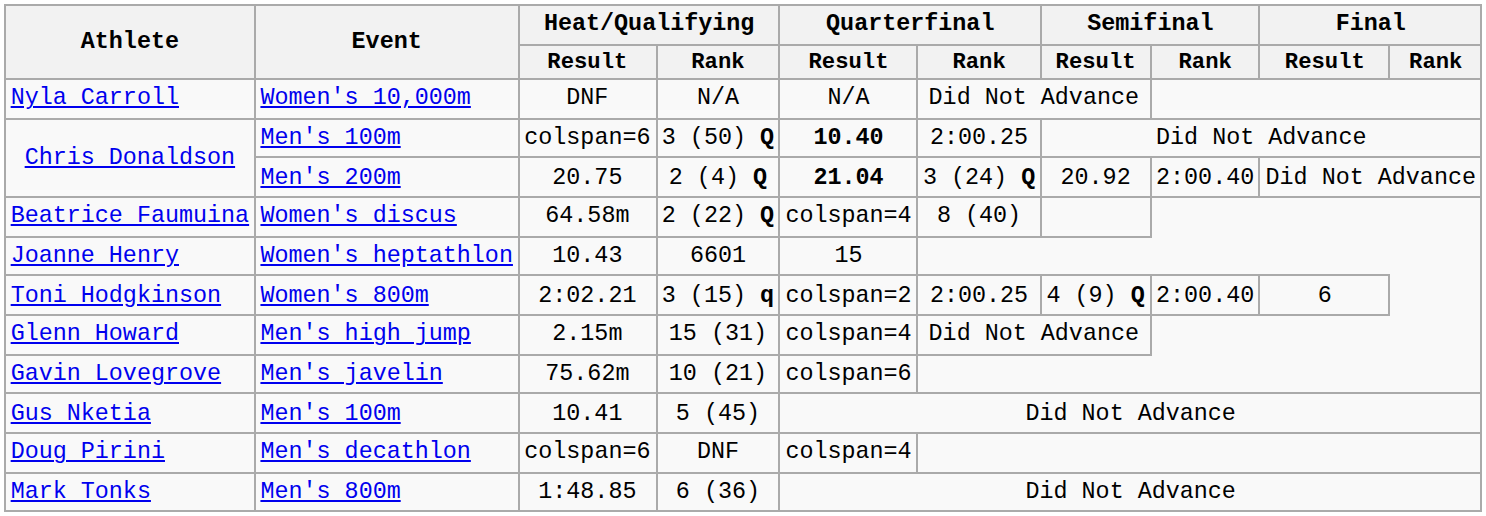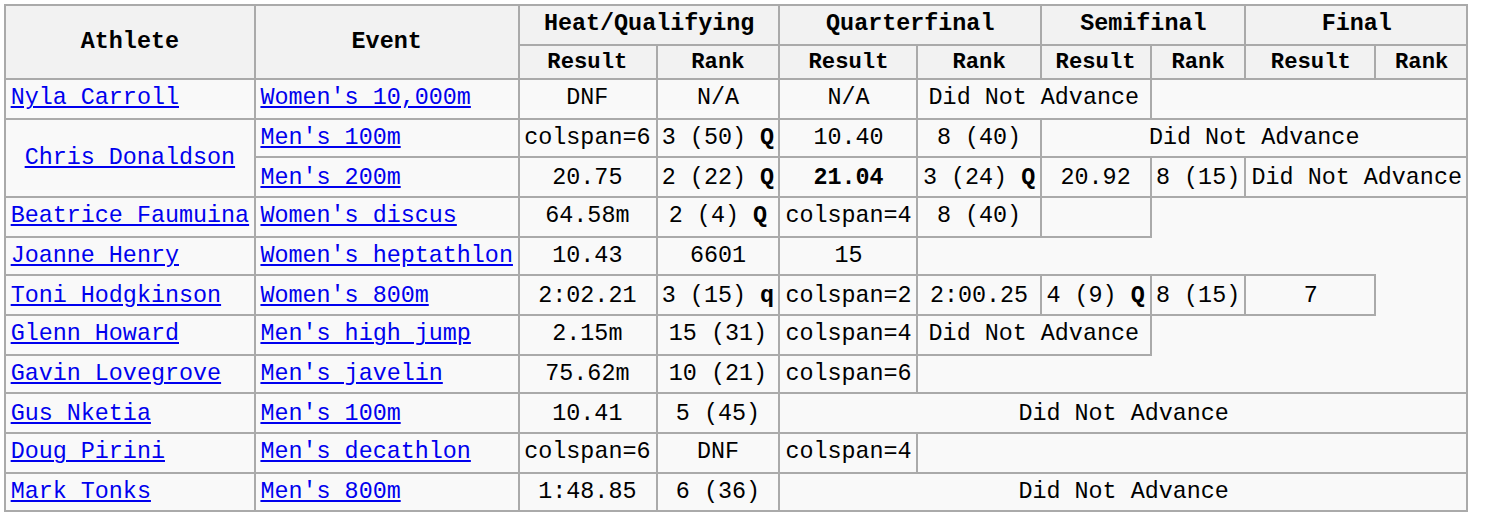 <table class=wikitable style=font-size:90%;text-align:center>
 <tr>
 <th rowspan=2>Athlete</th>
 <th rowspan=2>Event</th>
 <th colspan=2>Heat/Qualifying</th>
 <th colspan=2>Quarterfinal</th>
 <th colspan=2>Semifinal</th>
 <th colspan=2>Final</th>
 </tr>
 <tr style=font-size:95%>
 <th>Result</th>
 <th>Rank</th>
 <th>Result</th>
 <th>Rank</th>
 <th>Result</th>
 <th>Rank</th>
 <th>Result</th>
 <th>Rank</th>
 </tr>
 <tr>
 <td align=left><a href='#'>Nyla Carroll</a></td>
 <td align=left><a href='#'>Women's 10,000m</a></td>
 <td>DNF</td>
 <td>N/A</td>
 <td>N/A</td>
 <td colspan=2>Did Not Advance</td>
 </tr>
 <tr>
 <td rowspan=2><a href='#'>Chris Donaldson</a></td>
 <td align=left><a href='#'>Men's 100m</a></td>
 <td>colspan=6 </td>
 <td>3 (50) <strong>Q</strong></td>
-<td><strong>10.40</strong></td>
-<td>2:00.25</td>
+<td>10.40</td>
+<td>8 (40)</td>
 <td colspan=4>Did Not Advance</td>
 </tr>
 <tr>
 <td align=left><a href='#'>Men's 200m</a></td>
 <td>20.75</td>
-<td>2 (4) <strong>Q</strong></td>
+<td>2 (22) <strong>Q</strong></td>
 <td><strong>21.04</strong></td>
 <td>3 (24) <strong>Q</strong></td>
 <td>20.92</td>
-<td>2:00.40</td>
+<td>8 (15)</td>
 <td colspan=2>Did Not Advance</td>
 </tr>
 <tr>
 <td align=left><a href='#'>Beatrice Faumuina</a></td>
 <td align=left><a href='#'>Women's discus</a></td>
 <td>64.58m</td>
-<td>2 (22) <strong>Q</strong></td>
+<td>2 (4) <strong>Q</strong></td>
 <td>colspan=4 </td>
 <td>8 (40)</td>
 <td></td>
 </tr>
 <tr>
 <td align=left><a href='#'>Joanne Henry</a></td>
 <td align=left><a href='#'>Women's heptathlon</a></td>
 <td>10.43</td>
 <td>6601</td>
 <td>15</td>
 </tr>
 <tr>
 <td align=left><a href='#'>Toni Hodgkinson</a></td>
 <td align=left><a href='#'>Women's 800m</a></td>
 <td>2:02.21</td>
 <td>3 (15) <strong>q</strong></td>
 <td>colspan=2 </td>
 <td>2:00.25</td>
 <td>4 (9) <strong>Q</strong></td>
-<td>2:00.40</td>
-<td>6</td>
+<td>8 (15)</td>
+<td>7</td>
 </tr>
 <tr>
 <td align=left><a href='#'>Glenn Howard</a></td>
 <td align=left><a href='#'>Men's high jump</a></td>
 <td>2.15m</td>
 <td>15 (31)</td>
 <td>colspan=4 </td>
 <td colspan=2>Did Not Advance</td>
 </tr>
 <tr>
 <td align=left><a href='#'>Gavin Lovegrove</a></td>
 <td align=left><a href='#'>Men's javelin</a></td>
 <td>75.62m</td>
 <td>10 (21)</td>
 <td>colspan=6 </td>
 </tr>
 <tr>
 <td align=left><a href='#'>Gus Nketia</a></td>
 <td align=left><a href='#'>Men's 100m</a></td>
 <td>10.41</td>
 <td>5 (45)</td>
 <td colspan=6>Did Not Advance</td>
 </tr>
 <tr>
 <td align=left><a href='#'>Doug Pirini</a></td>
 <td align=left><a href='#'>Men's decathlon</a></td>
 <td>colspan=6 </td>
 <td>DNF</td>
 <td>colspan=4 </td>
 </tr>
 <tr>
 <td align=left><a href='#'>Mark Tonks</a></td>
 <td align=left><a href='#'>Men's 800m</a></td>
 <td>1:48.85</td>
 <td>6 (36)</td>
 <td colspan=6>Did Not Advance</td>
 </tr>
 </table>
